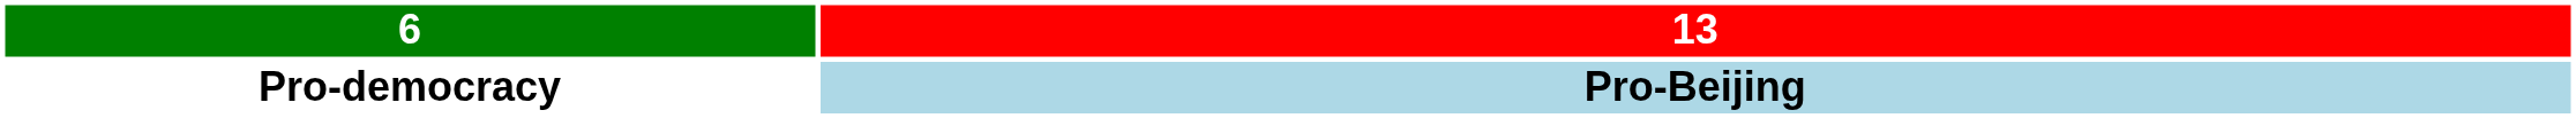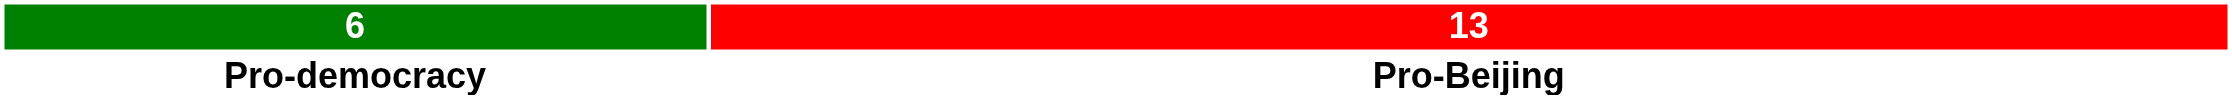 <table style="width:50%; text-align:center;">
 <tr style="color:white;">
 <td style="background:green; width:31.6%;"><strong>6</strong></td>
 <td style="background:red; width:68.4%;"><strong>13</strong></td>
 </tr>
 <tr>
 <td><span><strong>Pro-democracy</strong></span></td>
-<td style="background: lightblue;"><span><strong>Pro-Beijing</strong></span></td>
+<td><span><strong>Pro-Beijing</strong></span></td>
 </tr>
 </table>
